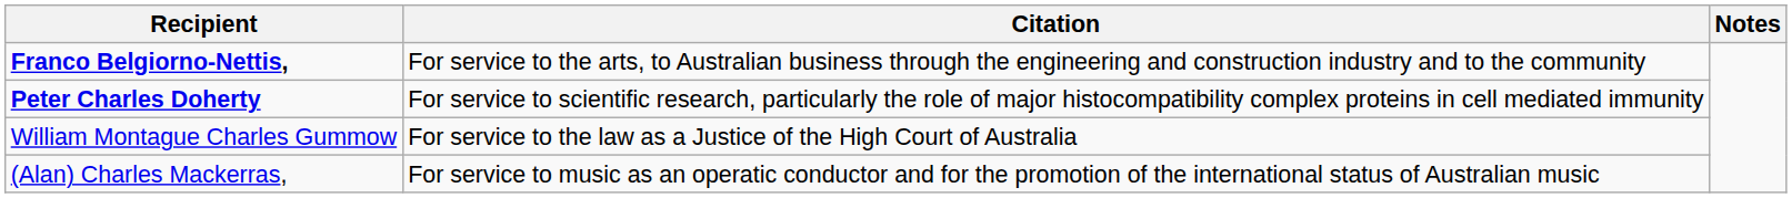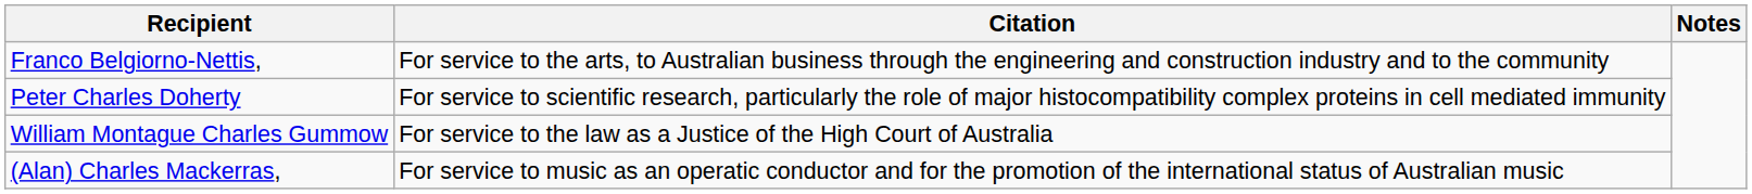 <table class="wikitable" style="font-size:95%;">
 <tr>
 <th>Recipient</th>
 <th>Citation</th>
 <th>Notes</th>
 </tr>
 <tr>
-<td><strong><a href='#'>Franco Belgiorno-Nettis</a>, </strong></td>
+<td><a href='#'>Franco Belgiorno-Nettis</a>, </td>
 <td>For service to the arts, to Australian business through the engineering and construction industry and to the community</td>
 <td rowspan="4"></td>
 </tr>
 <tr>
-<td><strong> <a href='#'>Peter Charles Doherty</a></strong></td>
+<td> <a href='#'>Peter Charles Doherty</a></td>
 <td>For service to scientific research, particularly the role of major histocompatibility complex proteins in cell mediated immunity</td>
 </tr>
 <tr>
 <td> <a href='#'>William Montague Charles Gummow</a></td>
 <td>For service to the law as a Justice of the High Court of Australia</td>
 </tr>
 <tr>
 <td> <a href='#'>(Alan) Charles Mackerras</a>, </td>
 <td>For service to music as an operatic conductor and for the promotion of the international status of Australian music</td>
 </tr>
 </table>
